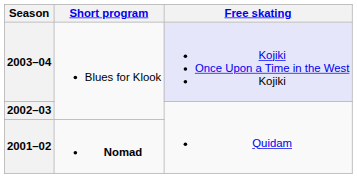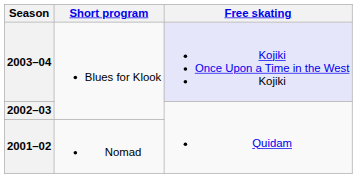 <table class="wikitable" style="text-align:center">
 <tr>
 <th>Season</th>
 <th><a href='#'>Short program</a></th>
 <th><a href='#'>Free skating</a></th>
 </tr>
 <tr>
 <th>2003–04 <br> </th>
 <td rowspan=2><br><ul><li>Blues for Klook <br></li></ul></td>
 <td style="background: lavender;"><br><ul><li><a href='#'>Kojiki</a> <br></li><li><a href='#'>Once Upon a Time in the West</a> <br></li><li>Kojiki <br></li></ul></td>
 </tr>
 <tr>
 <th>2002–03 <br> </th>
 <td rowspan=2><br><ul><li><a href='#'>Quidam</a> <br></li></ul></td>
 </tr>
 <tr>
 <th>2001–02 <br> </th>
-<td><strong><br><ul><li>Nomad <br></li></ul></strong></td>
+<td><br><ul><li>Nomad <br></li></ul></td>
 </tr>
 </table>
